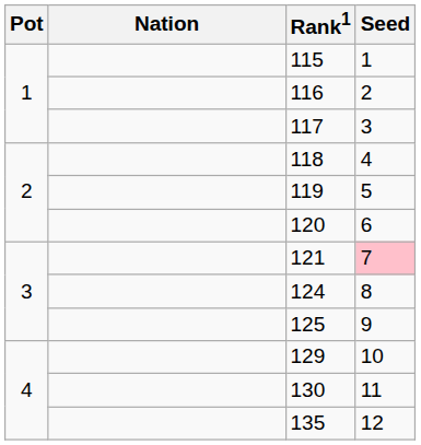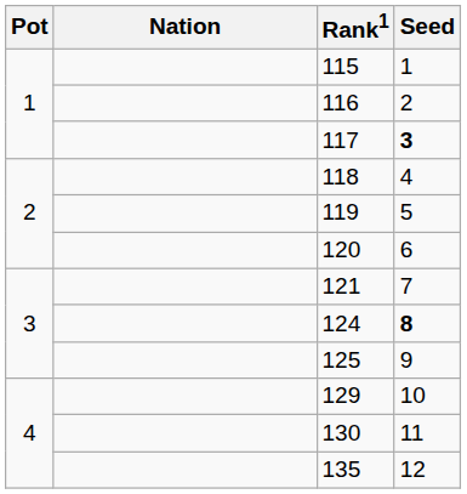 <table class="wikitable">
 <tr>
 <th>Pot</th>
 <th width="175">Nation</th>
 <th>Rank<sup>1</sup></th>
 <th>Seed</th>
 </tr>
 <tr>
 <td rowspan=3 style="text-align:center;">1</td>
 <td></td>
 <td>115</td>
 <td>1</td>
 </tr>
 <tr>
 <td></td>
 <td>116</td>
 <td>2</td>
 </tr>
 <tr>
 <td></td>
 <td>117</td>
-<td>3</td>
+<td><strong>3</strong></td>
 </tr>
 <tr>
 <td rowspan=3 style="text-align:center;">2</td>
 <td></td>
 <td>118</td>
 <td>4</td>
 </tr>
 <tr>
 <td></td>
 <td>119</td>
 <td>5</td>
 </tr>
 <tr>
 <td></td>
 <td>120</td>
 <td>6</td>
 </tr>
 <tr>
 <td rowspan=3 style="text-align:center;">3</td>
 <td></td>
 <td>121</td>
-<td style="background: pink;">7</td>
+<td>7</td>
 </tr>
 <tr>
 <td></td>
 <td>124</td>
-<td>8</td>
+<td><strong>8</strong></td>
 </tr>
 <tr>
 <td></td>
 <td>125</td>
 <td>9</td>
 </tr>
 <tr>
 <td rowspan=3 style="text-align:center;">4</td>
 <td></td>
 <td>129</td>
 <td>10</td>
 </tr>
 <tr>
 <td></td>
 <td>130</td>
 <td>11</td>
 </tr>
 <tr>
 <td></td>
 <td>135</td>
 <td>12</td>
 </tr>
 </table>
